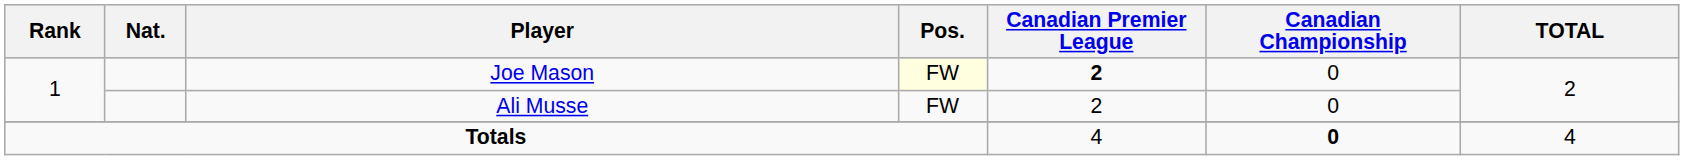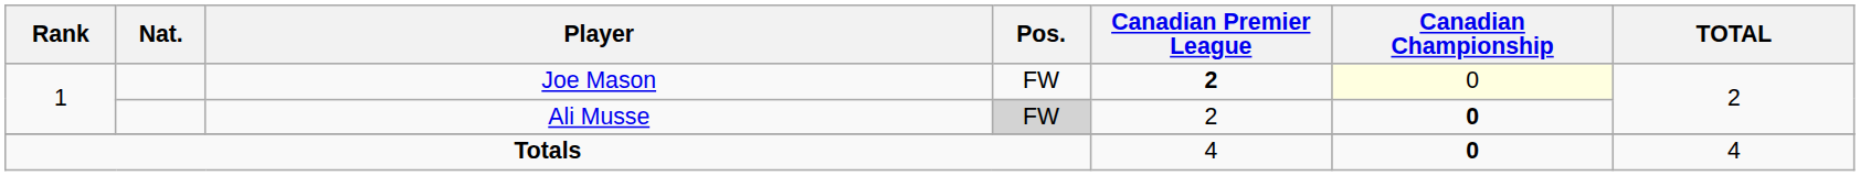 <table class="wikitable sortable alternance" style="font-size:85%; text-align:center; line-height:14px; width:85%;">
 <tr>
 <th width=10>Rank</th>
 <th width=10>Nat.</th>
 <th scope="col" style="width:275px;">Player</th>
 <th width=10>Pos.</th>
 <th width=80><a href='#'>Canadian Premier League</a></th>
 <th width=80><a href='#'>Canadian Championship</a></th>
 <th width=80>TOTAL</th>
 </tr>
 <tr>
 <td rowspan="2">1</td>
 <td></td>
 <td><a href='#'>Joe Mason</a></td>
-<td style="background: lightyellow;">FW</td>
+<td>FW</td>
 <td><strong>2</strong></td>
-<td>0</td>
+<td style="background: lightyellow;">0</td>
 <td rowspan="2">2</td>
 </tr>
 <tr>
 <td></td>
 <td><a href='#'>Ali Musse</a></td>
-<td>FW</td>
+<td style="background: lightgrey;">FW</td>
 <td>2</td>
-<td>0</td>
+<td><strong>0</strong></td>
 </tr>
 <tr>
 </tr>
 <tr class="sortbottom">
 <td colspan="4"><strong>Totals</strong></td>
 <td>4</td>
 <td><strong>0</strong></td>
 <td>4</td>
 </tr>
 </table>
